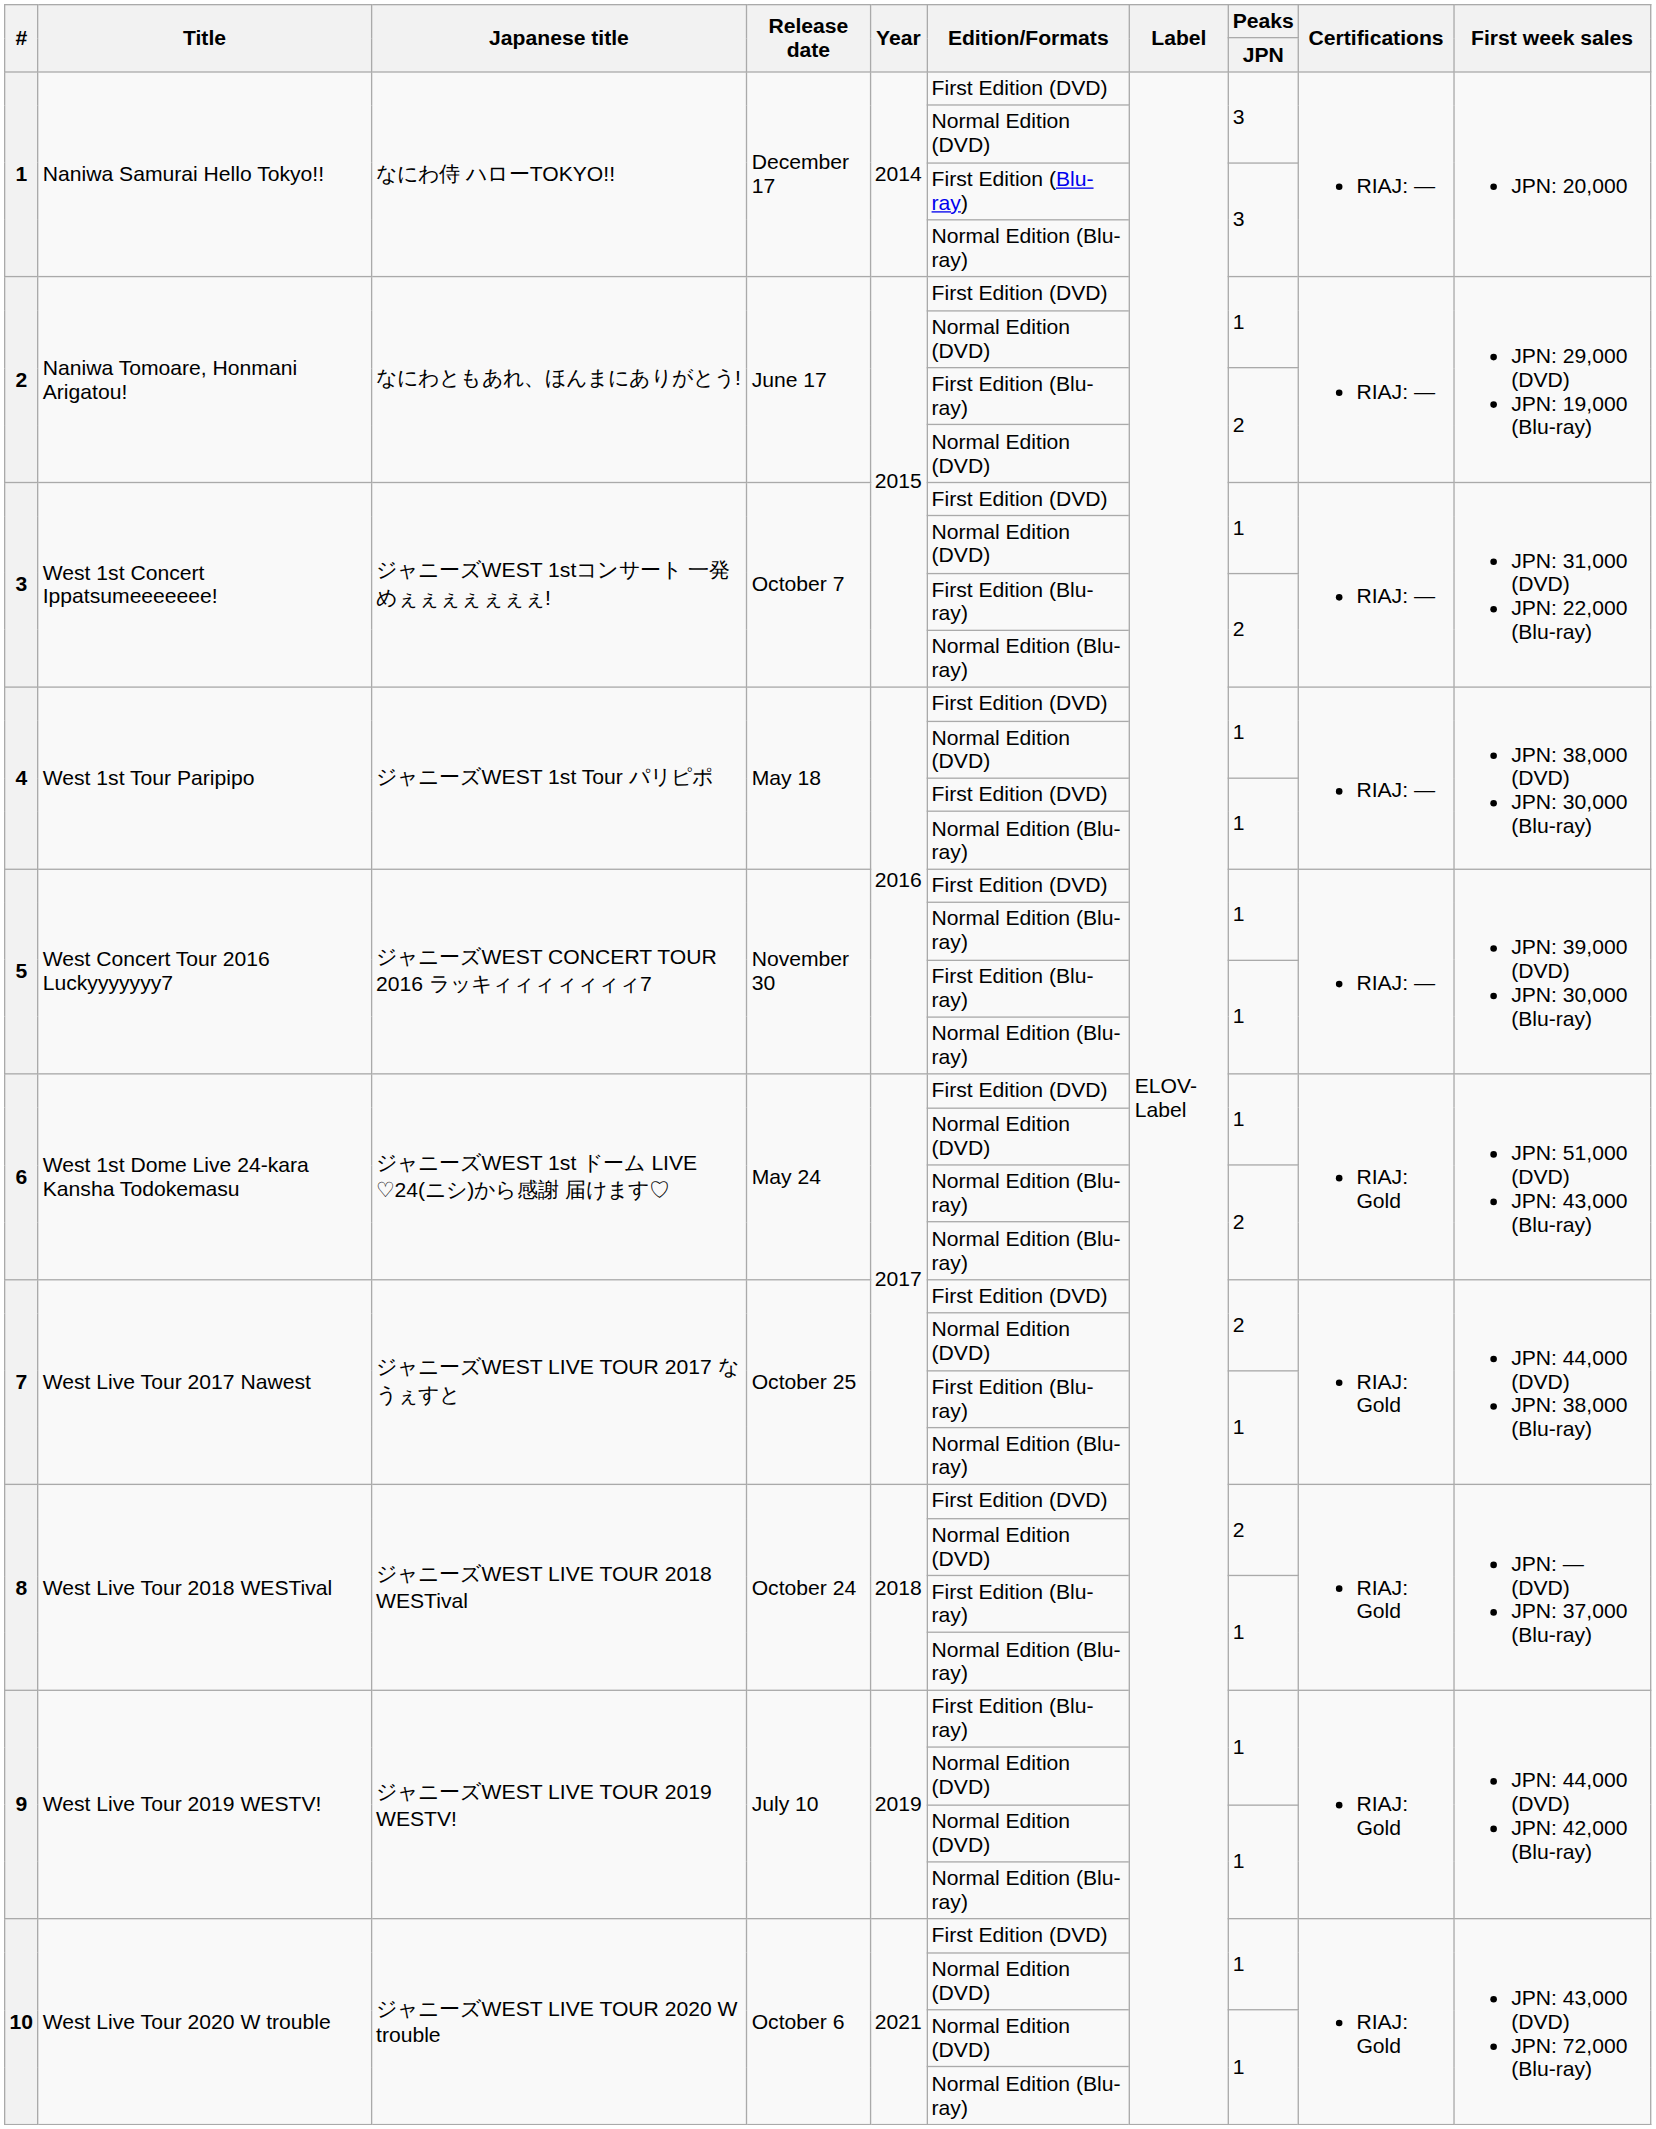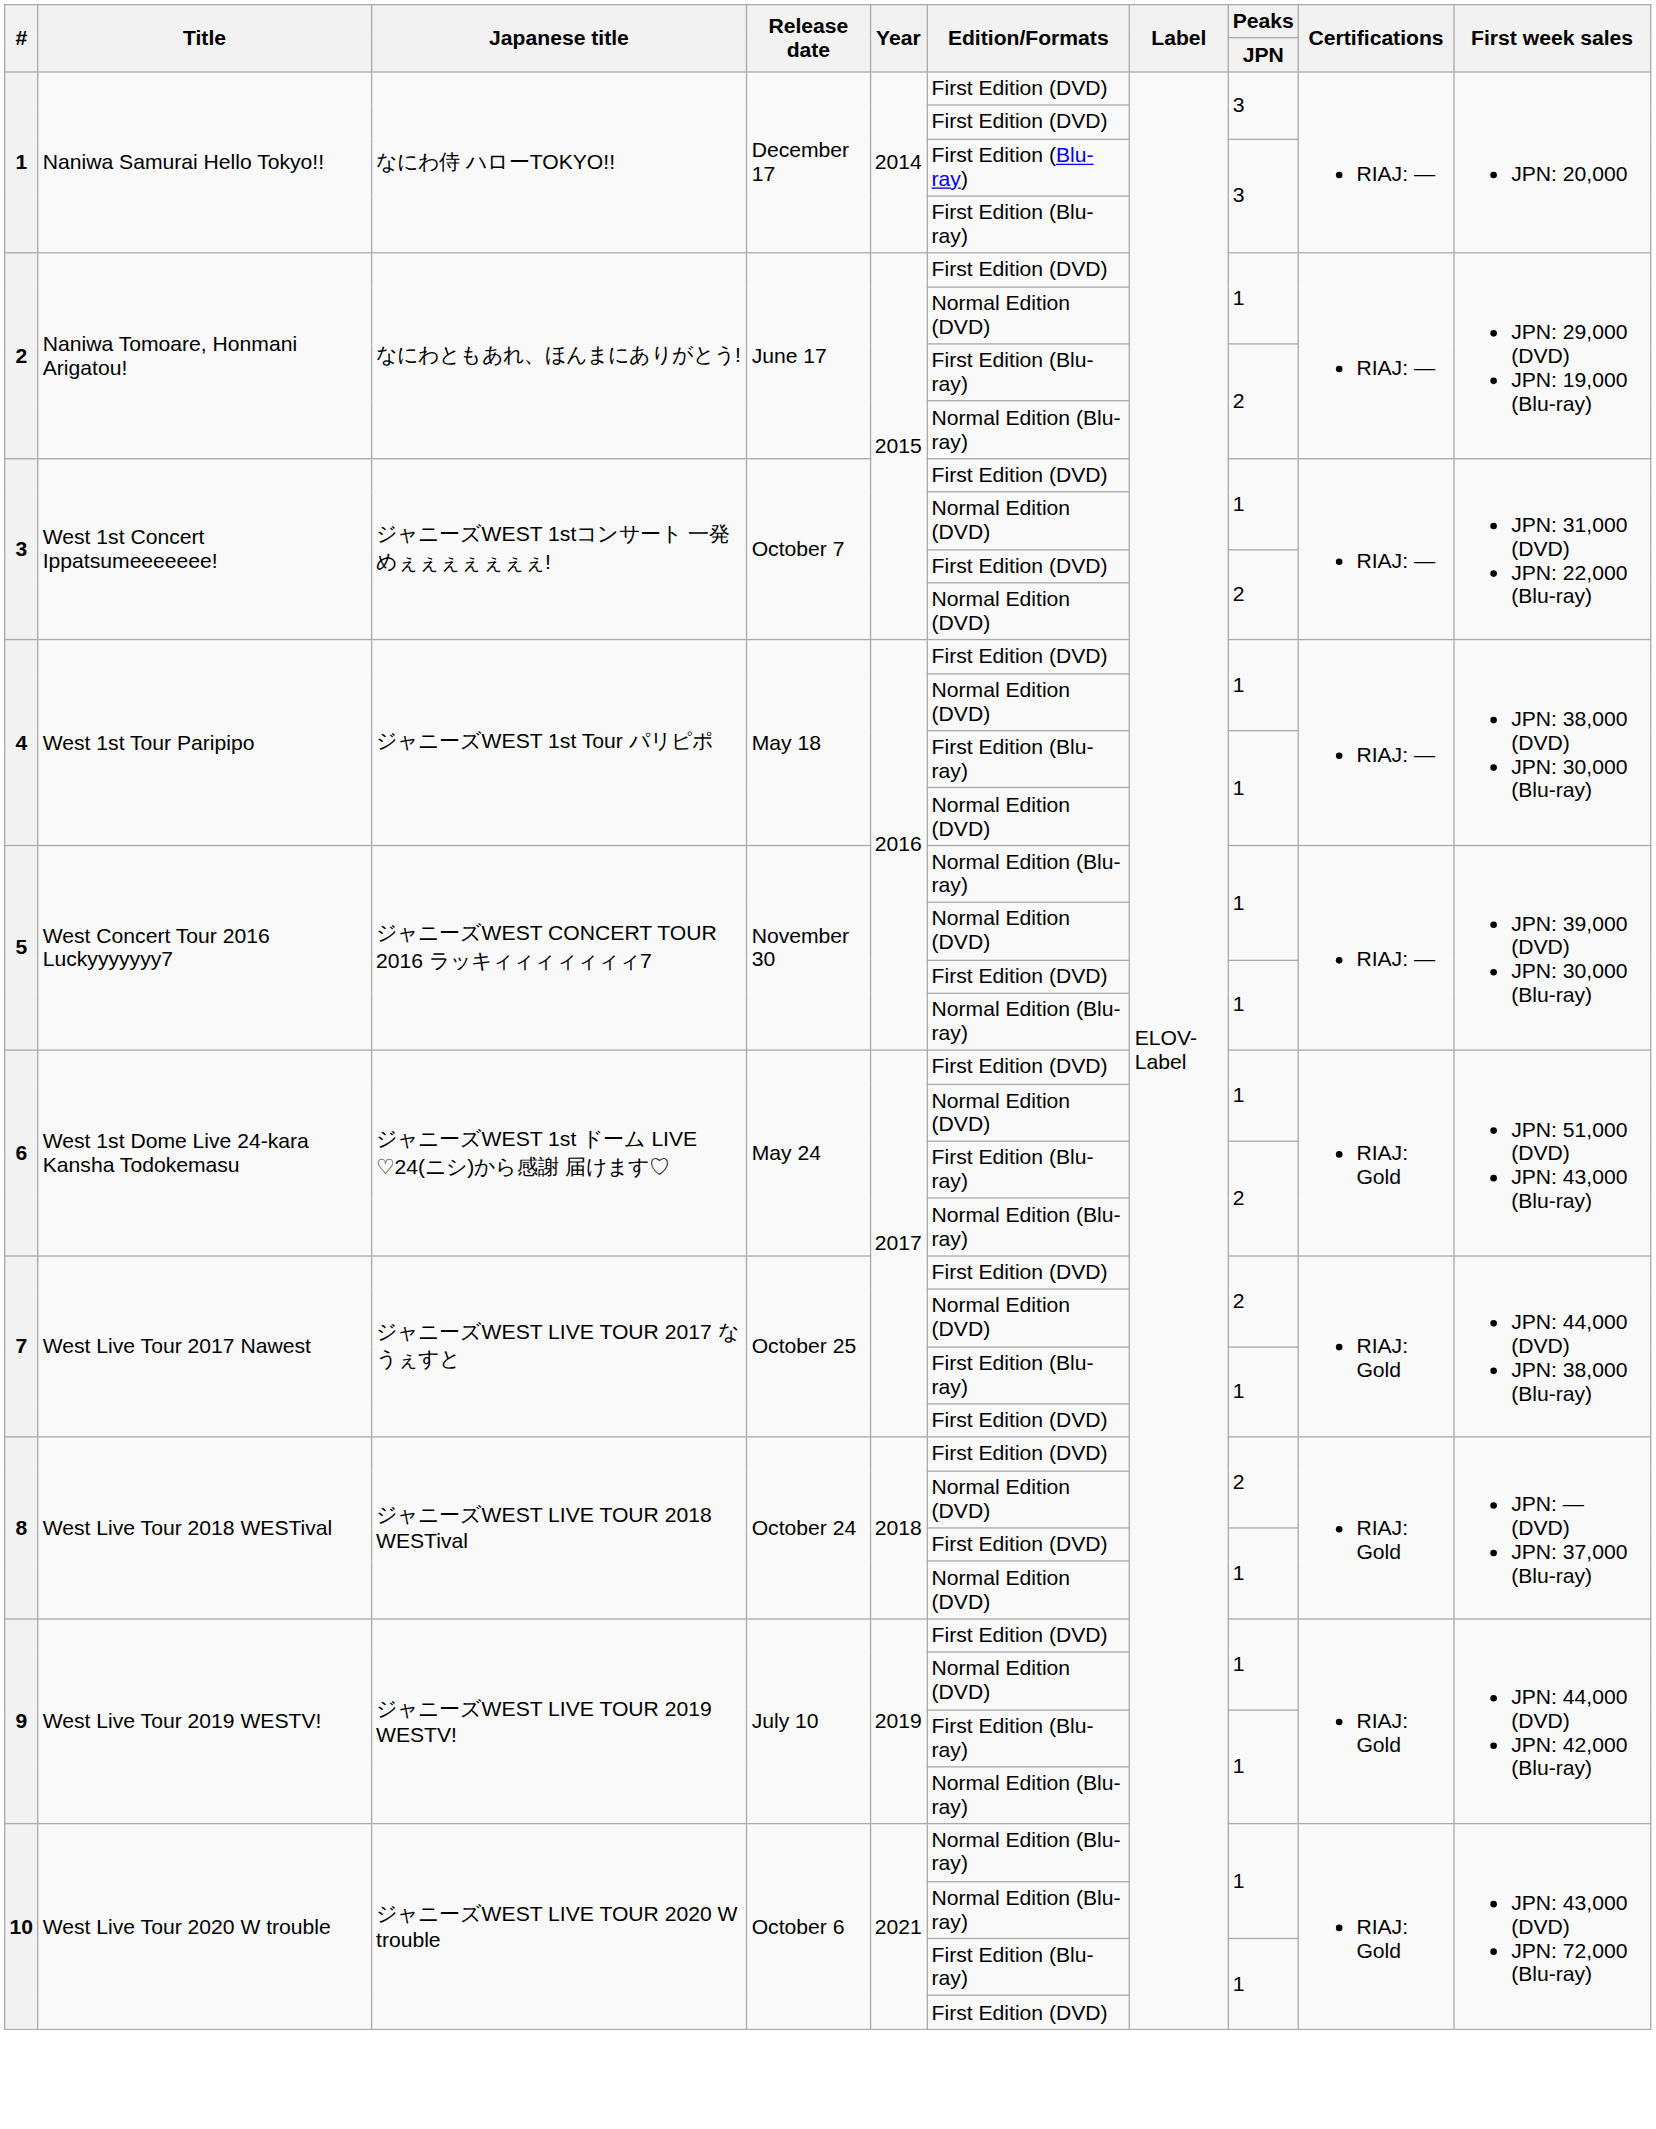 <table class="wikitable">
 <tr>
 <th rowspan="2">#</th>
 <th rowspan="2">Title</th>
 <th rowspan="2">Japanese title</th>
 <th rowspan="2">Release date</th>
 <th rowspan="2">Year</th>
 <th rowspan="2">Edition/Formats</th>
 <th rowspan="2">Label</th>
 <th>Peaks</th>
 <th rowspan="2">Certifications</th>
 <th rowspan="2">First week sales</th>
 </tr>
 <tr>
 <th>JPN</th>
 </tr>
 <tr>
 <th rowspan="4">1</th>
 <td rowspan="4">Naniwa Samurai Hello Tokyo!!</td>
 <td rowspan="4">なにわ侍 ハローTOKYO!!</td>
 <td rowspan="4">December 17</td>
 <td rowspan="4">2014</td>
 <td>First Edition (DVD)</td>
 <td rowspan="40">ELOV-Label</td>
 <td rowspan="2">3</td>
 <td rowspan="4"><br><ul><li>RIAJ: —</li></ul></td>
 <td rowspan="4"><br><ul><li>JPN: 20,000</li></ul></td>
 </tr>
 <tr>
-<td>Normal Edition (DVD)</td>
+<td>First Edition (DVD)</td>
 </tr>
 <tr>
 <td>First Edition (<a href='#'>Blu-ray</a>)</td>
 <td rowspan="2">3</td>
 </tr>
 <tr>
-<td>Normal Edition (Blu-ray)</td>
+<td>First Edition (Blu-ray)</td>
 </tr>
 <tr>
 <th rowspan="4">2</th>
 <td rowspan="4">Naniwa Tomoare, Honmani Arigatou!</td>
 <td rowspan="4">なにわともあれ、ほんまにありがとう!</td>
 <td rowspan="4">June 17</td>
 <td rowspan="8">2015</td>
 <td>First Edition (DVD)</td>
 <td rowspan="2">1</td>
 <td rowspan="4"><br><ul><li>RIAJ: —</li></ul></td>
 <td rowspan="4"><br><ul><li>JPN: 29,000 (DVD)</li><li>JPN: 19,000 (Blu-ray) </li></ul></td>
 </tr>
 <tr>
 <td>Normal Edition (DVD)</td>
 </tr>
 <tr>
 <td>First Edition (Blu-ray)</td>
 <td rowspan="2">2</td>
 </tr>
 <tr>
-<td>Normal Edition (DVD)</td>
+<td>Normal Edition (Blu-ray)</td>
 </tr>
 <tr>
 <th rowspan="4">3</th>
 <td rowspan="4">West 1st Concert Ippatsumeeeeeee!</td>
 <td rowspan="4">ジャニーズWEST 1stコンサート 一発めぇぇぇぇぇぇぇ!</td>
 <td rowspan="4">October 7</td>
 <td>First Edition (DVD)</td>
 <td rowspan="2">1</td>
 <td rowspan="4"><br><ul><li>RIAJ: —</li></ul></td>
 <td rowspan="4"><br><ul><li>JPN: 31,000 (DVD)</li><li>JPN: 22,000 (Blu-ray)</li></ul></td>
 </tr>
 <tr>
 <td>Normal Edition (DVD)</td>
 </tr>
 <tr>
-<td>First Edition (Blu-ray)</td>
+<td>First Edition (DVD)</td>
 <td rowspan="2">2</td>
 </tr>
 <tr>
-<td>Normal Edition (Blu-ray)</td>
+<td>Normal Edition (DVD)</td>
 </tr>
 <tr>
 <th rowspan="4">4</th>
 <td rowspan="4">West 1st Tour Paripipo</td>
 <td rowspan="4">ジャニーズWEST 1st Tour パリピポ</td>
 <td rowspan="4">May 18</td>
 <td rowspan="8">2016</td>
 <td>First Edition (DVD)</td>
 <td rowspan="2">1</td>
 <td rowspan="4"><br><ul><li>RIAJ: —</li></ul></td>
 <td rowspan="4"><br><ul><li>JPN: 38,000 (DVD)</li><li>JPN: 30,000 (Blu-ray)</li></ul></td>
 </tr>
 <tr>
 <td>Normal Edition (DVD)</td>
 </tr>
 <tr>
-<td>First Edition (DVD)</td>
+<td>First Edition (Blu-ray)</td>
 <td rowspan="2">1</td>
 </tr>
 <tr>
-<td>Normal Edition (Blu-ray)</td>
+<td>Normal Edition (DVD)</td>
 </tr>
 <tr>
 <th rowspan="4">5</th>
 <td rowspan="4">West Concert Tour 2016 Luckyyyyyyy7</td>
 <td rowspan="4">ジャニーズWEST CONCERT TOUR 2016 ラッキィィィィィィィ7</td>
 <td rowspan="4">November 30</td>
-<td>First Edition (DVD)</td>
+<td>Normal Edition (Blu-ray)</td>
 <td rowspan="2">1</td>
 <td rowspan="4"><br><ul><li>RIAJ: —</li></ul></td>
 <td rowspan="4"><br><ul><li>JPN: 39,000 (DVD)</li><li>JPN: 30,000 (Blu-ray)</li></ul></td>
 </tr>
 <tr>
-<td>Normal Edition (Blu-ray)</td>
+<td>Normal Edition (DVD)</td>
 </tr>
 <tr>
-<td>First Edition (Blu-ray)</td>
+<td>First Edition (DVD)</td>
 <td rowspan="2">1</td>
 </tr>
 <tr>
 <td>Normal Edition (Blu-ray)</td>
 </tr>
 <tr>
 <th rowspan="4">6</th>
 <td rowspan="4">West 1st Dome Live 24-kara Kansha Todokemasu</td>
 <td rowspan="4">ジャニーズWEST 1st ドーム LIVE ♡24(ニシ)から感謝 届けます♡</td>
 <td rowspan="4">May 24</td>
 <td rowspan="8">2017</td>
 <td>First Edition (DVD)</td>
 <td rowspan="2">1</td>
 <td rowspan="4"><br><ul><li>RIAJ: Gold</li></ul></td>
 <td rowspan="4"><br><ul><li>JPN: 51,000 (DVD)</li><li>JPN: 43,000 (Blu-ray)</li></ul></td>
 </tr>
 <tr>
 <td>Normal Edition (DVD)</td>
 </tr>
 <tr>
-<td>Normal Edition (Blu-ray)</td>
+<td>First Edition (Blu-ray)</td>
 <td rowspan="2">2</td>
 </tr>
 <tr>
 <td>Normal Edition (Blu-ray)</td>
 </tr>
 <tr>
 <th rowspan="4">7</th>
 <td rowspan="4">West Live Tour 2017 Nawest</td>
 <td rowspan="4">ジャニーズWEST LIVE TOUR 2017 なうぇすと</td>
 <td rowspan="4">October 25</td>
 <td>First Edition (DVD)</td>
 <td rowspan="2">2</td>
 <td rowspan="4"><br><ul><li>RIAJ: Gold</li></ul></td>
 <td rowspan="4"><br><ul><li>JPN: 44,000 (DVD)</li><li>JPN: 38,000 (Blu-ray)</li></ul></td>
 </tr>
 <tr>
 <td>Normal Edition (DVD)</td>
 </tr>
 <tr>
 <td>First Edition (Blu-ray)</td>
 <td rowspan="2">1</td>
 </tr>
 <tr>
-<td>Normal Edition (Blu-ray)</td>
+<td>First Edition (DVD)</td>
 </tr>
 <tr>
 <th rowspan="4">8</th>
 <td rowspan="4">West Live Tour 2018 WESTival</td>
 <td rowspan="4">ジャニーズWEST LIVE TOUR 2018 WESTival</td>
 <td rowspan="4">October 24</td>
 <td rowspan="4">2018</td>
 <td>First Edition (DVD)</td>
 <td rowspan="2">2</td>
 <td rowspan="4"><br><ul><li>RIAJ: Gold</li></ul></td>
 <td rowspan="4"><br><ul><li>JPN: — (DVD)</li><li>JPN: 37,000 (Blu-ray)</li></ul></td>
 </tr>
 <tr>
 <td>Normal Edition (DVD)</td>
 </tr>
 <tr>
-<td>First Edition (Blu-ray)</td>
+<td>First Edition (DVD)</td>
 <td rowspan="2">1</td>
 </tr>
 <tr>
-<td>Normal Edition (Blu-ray)</td>
+<td>Normal Edition (DVD)</td>
 </tr>
 <tr>
 <th rowspan="4">9</th>
 <td rowspan="4">West Live Tour 2019 WESTV!</td>
 <td rowspan="4">ジャニーズWEST LIVE TOUR 2019 WESTV!</td>
 <td rowspan="4">July 10</td>
 <td rowspan="4">2019</td>
-<td>First Edition (Blu-ray)</td>
+<td>First Edition (DVD)</td>
 <td rowspan="2">1</td>
 <td rowspan="4"><br><ul><li>RIAJ: Gold</li></ul></td>
 <td rowspan="4"><br><ul><li>JPN: 44,000 (DVD)</li><li>JPN: 42,000 (Blu-ray)</li></ul></td>
 </tr>
 <tr>
 <td>Normal Edition (DVD)</td>
 </tr>
 <tr>
-<td>Normal Edition (DVD)</td>
+<td>First Edition (Blu-ray)</td>
 <td rowspan="2">1</td>
 </tr>
 <tr>
 <td>Normal Edition (Blu-ray)</td>
 </tr>
 <tr>
 <th rowspan="4">10</th>
 <td rowspan="4">West Live Tour 2020 W trouble</td>
 <td rowspan="4">ジャニーズWEST LIVE TOUR 2020 W trouble</td>
 <td rowspan="4">October 6</td>
 <td rowspan="4">2021</td>
-<td>First Edition (DVD)</td>
+<td>Normal Edition (Blu-ray)</td>
 <td rowspan="2">1</td>
 <td rowspan="4"><br><ul><li>RIAJ: Gold</li></ul></td>
 <td rowspan="4"><br><ul><li>JPN: 43,000 (DVD)</li><li>JPN: 72,000 (Blu-ray)</li></ul></td>
 </tr>
 <tr>
-<td>Normal Edition (DVD)</td>
+<td>Normal Edition (Blu-ray)</td>
 </tr>
 <tr>
-<td>Normal Edition (DVD)</td>
+<td>First Edition (Blu-ray)</td>
 <td rowspan="2">1</td>
 </tr>
 <tr>
-<td>Normal Edition (Blu-ray)</td>
+<td>First Edition (DVD)</td>
 </tr>
 </table>
